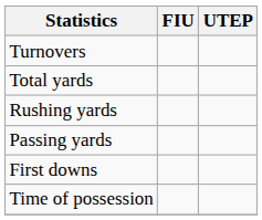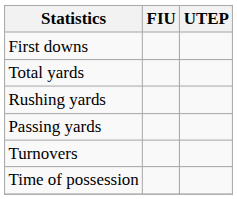 <table class="wikitable" style="float: left;">
 <tr>
 <th>Statistics</th>
 <th>FIU</th>
 <th>UTEP</th>
 </tr>
 <tr>
-<td>Turnovers</td>
+<td>First downs</td>
 <td></td>
 <td></td>
 </tr>
 <tr>
 <td>Total yards</td>
 <td></td>
 <td></td>
 </tr>
 <tr>
 <td>Rushing yards</td>
 <td></td>
 <td></td>
 </tr>
 <tr>
 <td>Passing yards</td>
 <td></td>
 <td></td>
 </tr>
 <tr>
-<td>First downs</td>
+<td>Turnovers</td>
 <td></td>
 <td></td>
 </tr>
 <tr>
 <td>Time of possession</td>
 <td></td>
 <td></td>
 </tr>
 <tr>
 </tr>
 </table>
